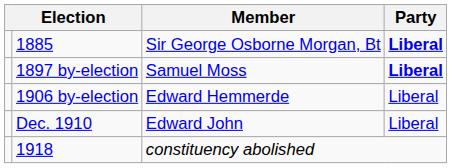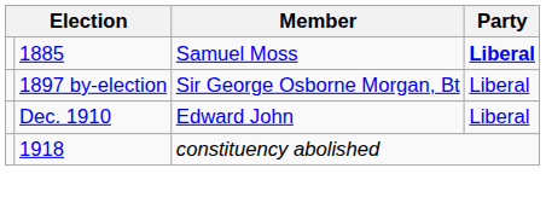 <table class="wikitable">
 <tr>
 <th colspan="2">Election</th>
 <th>Member</th>
 <th>Party</th>
 </tr>
 <tr>
 <td style="color:inherit;background-color: "></td>
 <td><a href='#'>1885</a></td>
-<td><a href='#'>Sir George Osborne Morgan, Bt</a> </td>
+<td><a href='#'>Samuel Moss</a></td>
 <td><strong><a href='#'>Liberal</a></strong></td>
 </tr>
 <tr>
 <td style="color:inherit;background-color: "></td>
 <td><a href='#'>1897 by-election</a> </td>
-<td><a href='#'>Samuel Moss</a></td>
-<td><strong><a href='#'>Liberal</a></strong></td>
-</tr>
-<tr>
-<td style="color:inherit;background-color: "></td>
-<td><a href='#'>1906 by-election</a> </td>
-<td><a href='#'>Edward Hemmerde</a></td>
+<td><a href='#'>Sir George Osborne Morgan, Bt</a> </td>
 <td><a href='#'>Liberal</a></td>
 </tr>
 <tr>
 <td style="color:inherit;background-color: "></td>
 <td><a href='#'>Dec. 1910</a></td>
 <td><a href='#'>Edward John</a></td>
 <td><a href='#'>Liberal</a></td>
 </tr>
 <tr>
 <td></td>
 <td><a href='#'>1918</a></td>
 <td colspan="2"><em>constituency abolished</em></td>
 </tr>
 </table>
